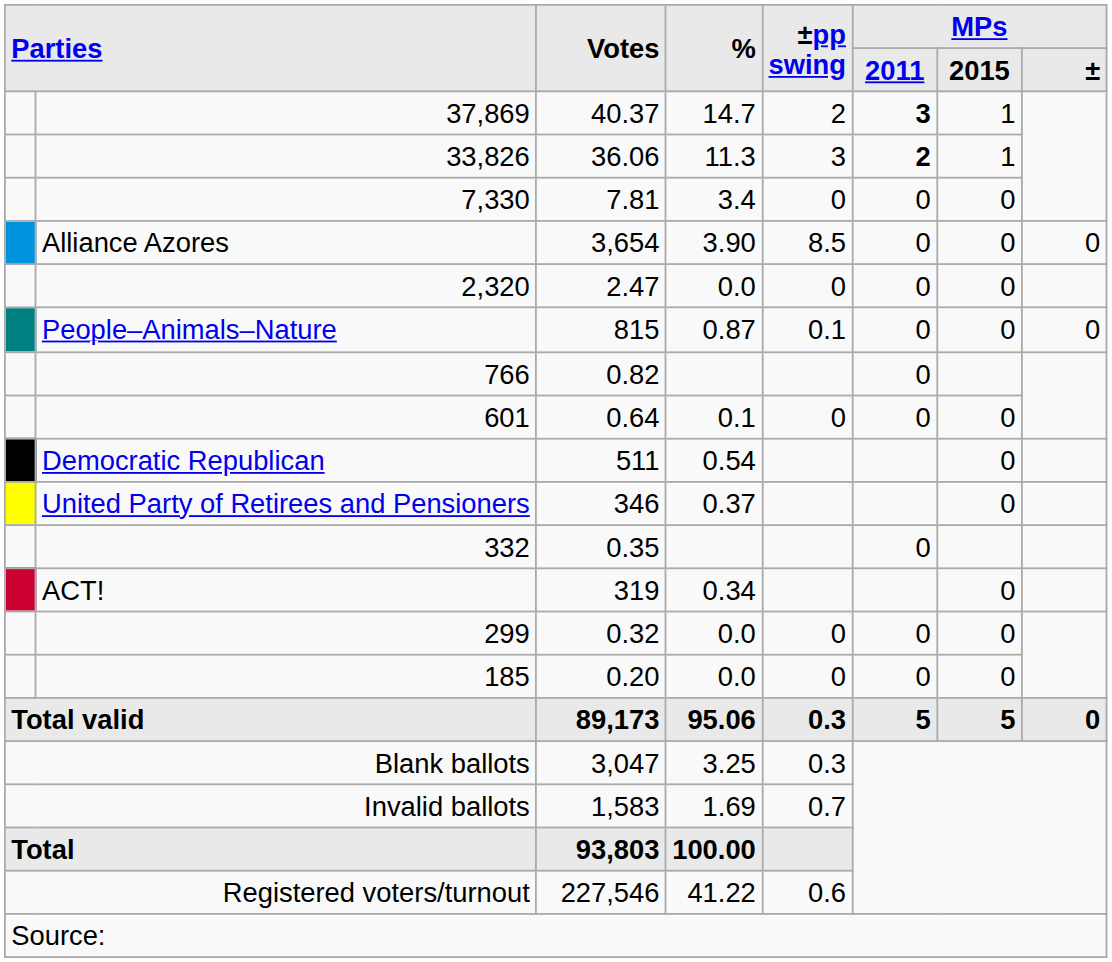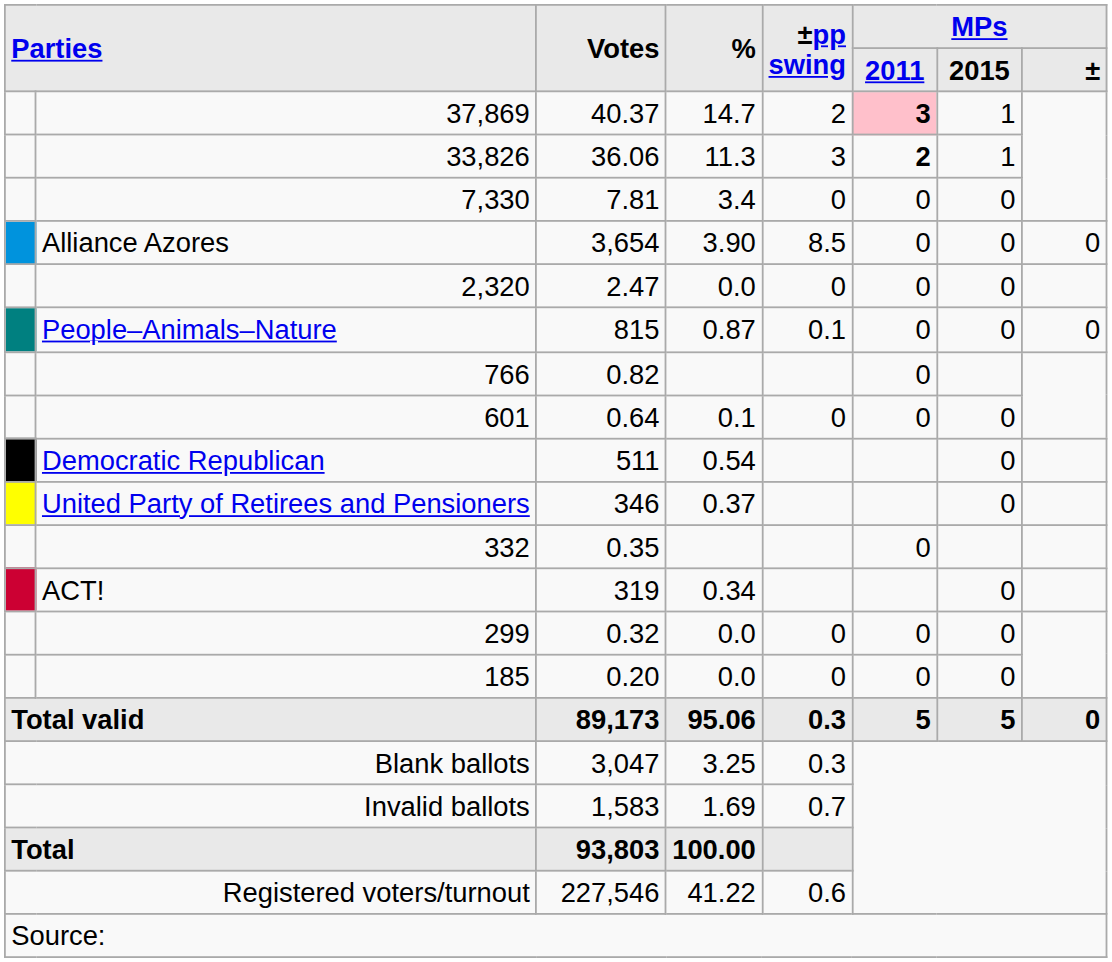 <table class="wikitable" style="text-align:right; font-size:95%;">
 <tr>
 <th rowspan="2" colspan="2" style="background:#e9e9e9; text-align:left;" alignleft><a href='#'>Parties</a></th>
 <th rowspan="2" style="background:#e9e9e9; text-align:right;">Votes</th>
 <th rowspan="2" style="background:#e9e9e9; text-align:right;">%</th>
 <th rowspan="2" style="background:#e9e9e9; text-align:right;">±<a href='#'>pp</a> <a href='#'>swing</a></th>
 <th colspan="3" style="background:#e9e9e9; text-align:center;"><a href='#'>MPs</a></th>
 </tr>
 <tr style="background-color:#E9E9E9">
 <th style="background-color:#E9E9E9;text-align:center;"><a href='#'>2011</a></th>
 <th style="background-color:#E9E9E9;text-align:center;">2015</th>
 <th style="background:#e9e9e9; text-align:right;">±</th>
 </tr>
 <tr>
 <td></td>
 <td>37,869</td>
 <td>40.37</td>
 <td>14.7</td>
 <td>2</td>
-<td><strong>3</strong></td>
+<td style="background: pink;"><strong>3</strong></td>
 <td>1</td>
 </tr>
 <tr>
 <td></td>
 <td>33,826</td>
 <td>36.06</td>
 <td>11.3</td>
 <td>3</td>
 <td><strong>2</strong></td>
 <td>1</td>
 </tr>
 <tr>
 <td></td>
 <td>7,330</td>
 <td>7.81</td>
 <td>3.4</td>
 <td>0</td>
 <td>0</td>
 <td>0</td>
 </tr>
 <tr>
 <td style="width:10px; background:#0093dd; text-align:center;"></td>
 <td style="text-align:left;">Alliance Azores </td>
 <td>3,654</td>
 <td>3.90</td>
 <td>8.5</td>
 <td>0</td>
 <td>0</td>
 <td>0</td>
 </tr>
 <tr>
 <td></td>
 <td>2,320</td>
 <td>2.47</td>
 <td>0.0</td>
 <td>0</td>
 <td>0</td>
 <td>0</td>
 </tr>
 <tr>
 <td style="width: 10px" bgcolor="teal" align="center"></td>
 <td align="left"><a href='#'>People–Animals–Nature</a></td>
 <td>815</td>
 <td>0.87</td>
 <td>0.1</td>
 <td>0</td>
 <td>0</td>
 <td>0</td>
 </tr>
 <tr>
 <td></td>
 <td>766</td>
 <td>0.82</td>
 <td></td>
 <td></td>
 <td>0</td>
 <td></td>
 </tr>
 <tr>
 <td></td>
 <td>601</td>
 <td>0.64</td>
 <td>0.1</td>
 <td>0</td>
 <td>0</td>
 <td>0</td>
 </tr>
 <tr>
 <td style="width: 10px" bgcolor=black align="center"></td>
 <td align=left><a href='#'>Democratic Republican</a></td>
 <td>511</td>
 <td>0.54</td>
 <td></td>
 <td></td>
 <td>0</td>
 <td></td>
 </tr>
 <tr>
 <td style="width: 10px" bgcolor=yellow align="center"></td>
 <td align=left><a href='#'>United Party of Retirees and Pensioners</a></td>
 <td>346</td>
 <td>0.37</td>
 <td></td>
 <td></td>
 <td>0</td>
 <td></td>
 </tr>
 <tr>
 <td></td>
 <td>332</td>
 <td>0.35</td>
 <td></td>
 <td></td>
 <td>0</td>
 <td></td>
 </tr>
 <tr>
 <td style="width:10px; background:#CC0033; text-align:center;"></td>
 <td style="text-align:left;">ACT! </td>
 <td>319</td>
 <td>0.34</td>
 <td></td>
 <td></td>
 <td>0</td>
 <td></td>
 </tr>
 <tr>
 <td></td>
 <td>299</td>
 <td>0.32</td>
 <td>0.0</td>
 <td>0</td>
 <td>0</td>
 <td>0</td>
 </tr>
 <tr>
 <td></td>
 <td>185</td>
 <td>0.20</td>
 <td>0.0</td>
 <td>0</td>
 <td>0</td>
 <td>0</td>
 </tr>
 <tr>
 <td colspan=2 align=left style="background-color:#E9E9E9"><strong>Total valid</strong></td>
 <td width="65" align="right" style="background-color:#E9E9E9"><strong>89,173</strong></td>
 <td width="40" align="right" style="background-color:#E9E9E9"><strong>95.06</strong></td>
 <td width="40" align="right" style="background-color:#E9E9E9"><strong>0.3</strong></td>
 <td width="40" align="right" style="background-color:#E9E9E9"><strong>5</strong></td>
 <td width="40" align="right" style="background-color:#E9E9E9"><strong>5</strong></td>
 <td width="40" align="right" style="background-color:#E9E9E9"><strong>0</strong></td>
 </tr>
 <tr>
 <td colspan=2>Blank ballots</td>
 <td>3,047</td>
 <td>3.25</td>
 <td>0.3</td>
 <td colspan=4 rowspan=4></td>
 </tr>
 <tr>
 <td colspan=2>Invalid ballots</td>
 <td>1,583</td>
 <td>1.69</td>
 <td>0.7</td>
 </tr>
 <tr>
 <td colspan=2 width="259" align=left style="background-color:#E9E9E9"><strong>Total</strong></td>
 <td width="50" align="right" style="background-color:#E9E9E9"><strong>93,803</strong></td>
 <td width="40" align="right" style="background-color:#E9E9E9"><strong>100.00</strong></td>
 <td width="40" align="right" style="background-color:#E9E9E9"></td>
 </tr>
 <tr>
 <td colspan=2>Registered voters/turnout</td>
 <td>227,546</td>
 <td>41.22</td>
 <td>0.6</td>
 </tr>
 <tr>
 <td colspan=11 align=left>Source: </td>
 </tr>
 </table>
